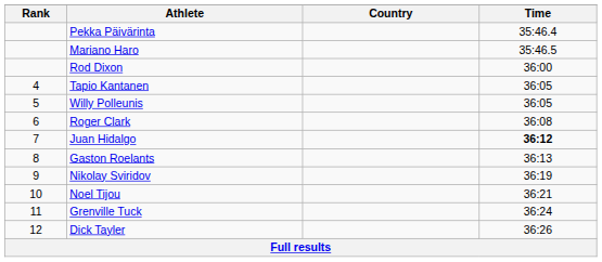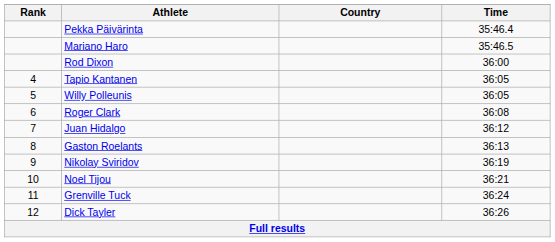 <table class="wikitable sortable" style=" text-align:center; font-size:95%;" width="50%">
 <tr>
 </tr>
 <tr>
 <th width=5%>Rank</th>
 <th width=20%>Athlete</th>
 <th width=15%>Country</th>
 <th width=10%>Time</th>
 </tr>
 <tr>
 <td align=center></td>
 <td align=left><a href='#'>Pekka Päivärinta</a></td>
 <td align=left></td>
 <td>35:46.4</td>
 </tr>
 <tr>
 <td align=center></td>
 <td align=left><a href='#'>Mariano Haro</a></td>
 <td align=left></td>
 <td>35:46.5</td>
 </tr>
 <tr>
 <td align=center></td>
 <td align=left><a href='#'>Rod Dixon</a></td>
 <td align=left></td>
 <td>36:00</td>
 </tr>
 <tr>
 <td align=center>4</td>
 <td align=left><a href='#'>Tapio Kantanen</a></td>
 <td align=left></td>
 <td>36:05</td>
 </tr>
 <tr>
 <td align=center>5</td>
 <td align=left><a href='#'>Willy Polleunis</a></td>
 <td align=left></td>
 <td>36:05</td>
 </tr>
 <tr>
 <td align=center>6</td>
 <td align=left><a href='#'>Roger Clark</a></td>
 <td align=left></td>
 <td>36:08</td>
 </tr>
 <tr>
 <td align=center>7</td>
 <td align=left><a href='#'>Juan Hidalgo</a></td>
 <td align=left></td>
-<td><strong>36:12</strong></td>
+<td>36:12</td>
 </tr>
 <tr>
 <td align=center>8</td>
 <td align=left><a href='#'>Gaston Roelants</a></td>
 <td align=left></td>
 <td>36:13</td>
 </tr>
 <tr>
 <td align=center>9</td>
 <td align=left><a href='#'>Nikolay Sviridov</a></td>
 <td align=left></td>
 <td>36:19</td>
 </tr>
 <tr>
 <td align=center>10</td>
 <td align=left><a href='#'>Noel Tijou</a></td>
 <td align=left></td>
 <td>36:21</td>
 </tr>
 <tr>
 <td align=center>11</td>
 <td align=left><a href='#'>Grenville Tuck</a></td>
 <td align=left></td>
 <td>36:24</td>
 </tr>
 <tr>
 <td align=center>12</td>
 <td align=left><a href='#'>Dick Tayler</a></td>
 <td align=left></td>
 <td>36:26</td>
 </tr>
 <tr class="sortbottom">
 <th colspan=4 align=center><a href='#'>Full results</a></th>
 </tr>
 </table>
